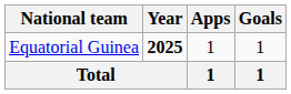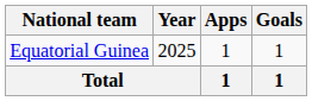 <table class="wikitable" style="text-align:center">
 <tr>
 <th>National team</th>
 <th>Year</th>
 <th>Apps</th>
 <th>Goals</th>
 </tr>
 <tr>
 <td rowspan="1"><a href='#'>Equatorial Guinea</a></td>
-<td><strong>2025</strong></td>
+<td>2025</td>
 <td>1</td>
 <td>1</td>
 </tr>
 <tr>
 <th colspan="2">Total</th>
 <th>1</th>
 <th>1</th>
 </tr>
 </table>
